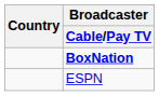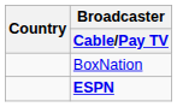 <table class="wikitable">
 <tr>
 <th rowspan="2">Country</th>
 <th colspan="2">Broadcaster</th>
 </tr>
 <tr>
 <th><a href='#'>Cable</a>/<a href='#'>Pay TV</a></th>
 </tr>
 <tr>
 <td></td>
-<td><strong><a href='#'>BoxNation</a></strong></td>
+<td><a href='#'>BoxNation</a></td>
 </tr>
 <tr>
 <td></td>
-<td><a href='#'>ESPN</a></td>
+<td><strong><a href='#'>ESPN</a></strong></td>
 </tr>
 </table>
